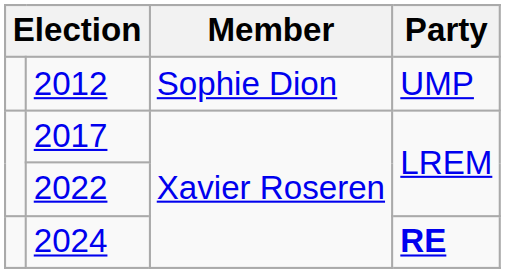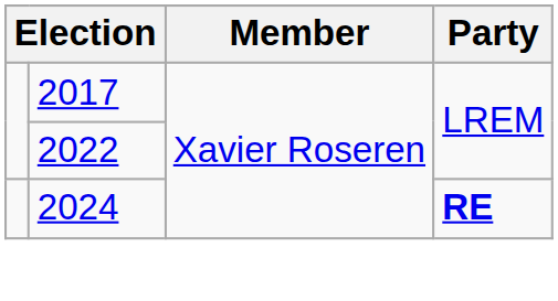 <table class="wikitable">
 <tr>
 <th colspan=2>Election</th>
 <th>Member</th>
 <th>Party</th>
-</tr>
-<tr>
-<td style="background-color: "></td>
-<td><a href='#'>2012</a></td>
-<td><a href='#'>Sophie Dion</a></td>
-<td><a href='#'>UMP</a></td>
 </tr>
 <tr>
 <td rowspan="2" style="background-color: "></td>
 <td><a href='#'>2017</a></td>
 <td rowspan="3"><a href='#'>Xavier Roseren</a></td>
 <td rowspan="2"><a href='#'>LREM</a></td>
 </tr>
 <tr>
 <td><a href='#'>2022</a></td>
 </tr>
 <tr>
 <td style="background-color: "></td>
 <td><a href='#'>2024</a></td>
 <td><strong><a href='#'>RE</a></strong></td>
 </tr>
 </table>
